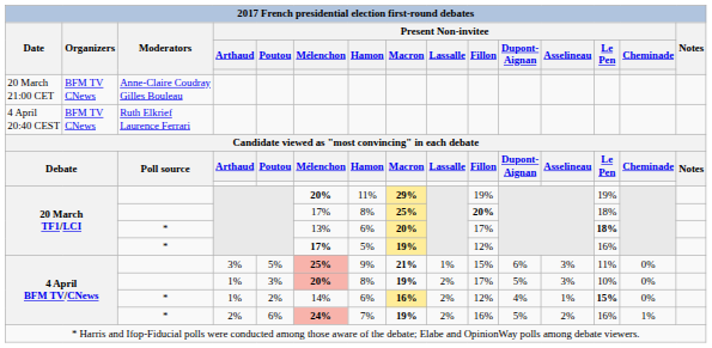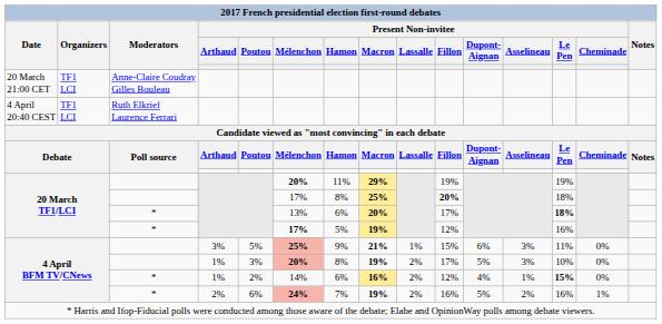 <table class="wikitable collapsible" style="font-size:90%; text-align:center">
 <tr>
 <th style="background:#B0C4DE;" colspan="15">2017 French presidential election first-round debates</th>
 </tr>
 <tr>
 <th style="white-space:nowrap;" rowspan="3">Date</th>
 <th rowspan="3">Organizers</th>
 <th rowspan="3">Moderators</th>
 <th scope="col" colspan="11"> Present  Non-invitee</th>
 <th rowspan="3">Notes</th>
 </tr>
 <tr>
 <th scope="col" style="width:60px;"><a href='#'>Arthaud</a></th>
 <th scope="col" style="width:60px;"><a href='#'>Poutou</a></th>
 <th scope="col" style="width:60px;"><a href='#'>Mélenchon</a></th>
 <th scope="col" style="width:60px;"><a href='#'>Hamon</a></th>
 <th scope="col" style="width:60px;"><a href='#'>Macron</a></th>
 <th scope="col" style="width:60px;"><a href='#'>Lassalle</a></th>
 <th scope="col" style="width:60px;"><a href='#'>Fillon</a></th>
 <th scope="col" style="width:60px;"><a href='#'>Dupont-Aignan</a></th>
 <th scope="col" style="width:60px;"><a href='#'>Asselineau</a></th>
 <th scope="col" style="width:60px;"><a href='#'>Le Pen</a></th>
 <th scope="col" style="width:60px;"><a href='#'>Cheminade</a></th>
 </tr>
 <tr>
 <th style="background:"></th>
 <th style="background:"></th>
 <th style="background:"></th>
 <th style="background:"></th>
 <th style="background:"></th>
 <th style="background:"></th>
 <th style="background:"></th>
 <th style="background:"></th>
 <th style="background:"></th>
 <th style="background:"></th>
 <th style="background:"></th>
 </tr>
 <tr>
 <td style="white-space:nowrap;text-align:left;">20 March<br>21:00 CET</td>
-<td style="white-space:nowrap;text-align:left;"><a href='#'>BFM TV</a><br><a href='#'>CNews</a></td>
+<td style="white-space:nowrap;text-align:left;"><a href='#'>TF1</a><br><a href='#'>LCI</a></td>
 <td style="white-space:nowrap;text-align:left;"><a href='#'>Anne-Claire Coudray</a><br><a href='#'>Gilles Bouleau</a></td>
 <td></td>
 <td></td>
 <td></td>
 <td></td>
 <td></td>
 <td></td>
 <td></td>
 <td></td>
 <td></td>
 <td></td>
 <td></td>
 <td></td>
 </tr>
 <tr>
 <td style="white-space:nowrap;text-align:left;">4 April<br>20:40 CEST</td>
-<td style="white-space:nowrap;text-align:left;"><a href='#'>BFM TV</a><br><a href='#'>CNews</a></td>
+<td style="white-space:nowrap;text-align:left;"><a href='#'>TF1</a><br><a href='#'>LCI</a></td>
 <td style="white-space:nowrap;text-align:left;"><a href='#'>Ruth Elkrief</a><br><a href='#'>Laurence Ferrari</a></td>
 <td></td>
 <td></td>
 <td></td>
 <td></td>
 <td></td>
 <td></td>
 <td></td>
 <td></td>
 <td></td>
 <td></td>
 <td></td>
 <td></td>
 </tr>
 <tr>
 <th colspan="15">Candidate viewed as "most convincing" in each debate</th>
 </tr>
 <tr>
 <th rowspan="2" colspan="2">Debate</th>
 <th rowspan="2">Poll source</th>
 <th style="width:60px;"><a href='#'>Arthaud</a></th>
 <th style="width:60px;"><a href='#'>Poutou</a></th>
 <th style="width:60px;"><a href='#'>Mélenchon</a></th>
 <th style="width:60px;"><a href='#'>Hamon</a></th>
 <th style="width:60px;"><a href='#'>Macron</a></th>
 <th style="width:60px;"><a href='#'>Lassalle</a></th>
 <th style="width:60px;"><a href='#'>Fillon</a></th>
 <th style="width:60px;"><a href='#'>Dupont-Aignan</a></th>
 <th style="width:60px;"><a href='#'>Asselineau</a></th>
 <th style="width:60px;"><a href='#'>Le Pen</a></th>
 <th style="width:60px;"><a href='#'>Cheminade</a></th>
 <th rowspan="2">Notes</th>
 </tr>
 <tr>
 <td style="background:"></td>
 <td style="background:"></td>
 <td style="background:"></td>
 <td style="background:"></td>
 <td style="background:"></td>
 <td style="background:"></td>
 <td style="background:"></td>
 <td style="background:"></td>
 <td style="background:"></td>
 <td style="background:"></td>
 <td style="background:"></td>
 </tr>
 <tr>
 <th rowspan="4" colspan="2">20 March<br><a href='#'>TF1</a>/<a href='#'>LCI</a></th>
 <td></td>
 <td rowspan="4" colspan="2" style="background:#E9E9E9;"></td>
 <td><strong>20%</strong></td>
 <td>11%</td>
 <td style="background:#FFED99"><strong>29%</strong></td>
 <td rowspan="4" style="background:#E9E9E9;"></td>
 <td>19%</td>
 <td rowspan="4" colspan="2" style="background:#E9E9E9;"></td>
 <td>19%</td>
 <td rowspan="4" style="background:#E9E9E9;"></td>
 <td></td>
 </tr>
 <tr>
 <td></td>
 <td>17%</td>
 <td>8%</td>
 <td style="background:#FFED99"><strong>25%</strong></td>
 <td><strong>20%</strong></td>
 <td>18%</td>
 <td></td>
 </tr>
 <tr>
 <td>*</td>
 <td>13%</td>
 <td>6%</td>
 <td style="background:#FFED99"><strong>20%</strong></td>
 <td>17%</td>
 <td><strong>18%</strong></td>
 <td></td>
 </tr>
 <tr>
 <td>*</td>
 <td><strong>17%</strong></td>
 <td>5%</td>
 <td style="background:#FFED99"><strong>19%</strong></td>
 <td>12%</td>
 <td>16%</td>
 <td></td>
 </tr>
 <tr>
 <th rowspan="4" colspan="2">4 April<br><a href='#'>BFM TV</a>/<a href='#'>CNews</a></th>
 <td></td>
 <td>3%</td>
 <td>5%</td>
 <td style="background:#F8B3AB"><strong>25%</strong></td>
 <td>9%</td>
 <td><strong>21%</strong></td>
 <td>1%</td>
 <td>15%</td>
 <td>6%</td>
 <td>3%</td>
 <td>11%</td>
 <td>0%</td>
 <td></td>
 </tr>
 <tr>
 <td></td>
 <td>1%</td>
 <td>3%</td>
 <td style="background:#F8B3AB"><strong>20%</strong></td>
 <td>8%</td>
 <td><strong>19%</strong></td>
 <td>2%</td>
 <td>17%</td>
 <td>5%</td>
 <td>3%</td>
 <td>10%</td>
 <td>0%</td>
 <td></td>
 </tr>
 <tr>
 <td>*</td>
 <td>1%</td>
 <td>2%</td>
 <td>14%</td>
 <td>6%</td>
 <td style="background:#FFED99"><strong>16%</strong></td>
 <td>2%</td>
 <td>12%</td>
 <td>4%</td>
 <td>1%</td>
 <td><strong>15%</strong></td>
 <td>0%</td>
 <td></td>
 </tr>
 <tr>
 <td>*</td>
 <td>2%</td>
 <td>6%</td>
 <td style="background:#F8B3AB"><strong>24%</strong></td>
 <td>7%</td>
 <td><strong>19%</strong></td>
 <td>2%</td>
 <td>16%</td>
 <td>5%</td>
 <td>2%</td>
 <td>16%</td>
 <td>1%</td>
 <td></td>
 </tr>
 <tr>
 <td colspan="15">* Harris and Ifop-Fiducial polls were conducted among those aware of the debate; Elabe and OpinionWay polls among debate viewers.</td>
 </tr>
 </table>
